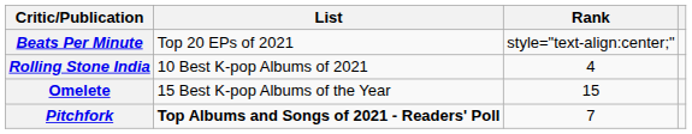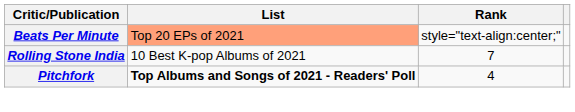 <table class="wikitable sortable plainrowheaders">
 <tr>
 <th>Critic/Publication</th>
 <th scope="col" class="unsortable">List</th>
 <th data-sort-type="number">Rank</th>
 <th scope="col" class="unsortable"></th>
 </tr>
 <tr>
 <th scope="row"><em><a href='#'>Beats Per Minute</a></em></th>
-<td>Top 20 EPs of 2021</td>
+<td style="background: lightsalmon;">Top 20 EPs of 2021</td>
 <td>style="text-align:center;" </td>
 <td style="text-align:center;"></td>
 </tr>
 <tr>
 <th scope="row"><em><a href='#'>Rolling Stone India</a></em></th>
 <td>10 Best K-pop Albums of 2021</td>
-<td style="text-align:center;">4</td>
-<td style="text-align:center;"></td>
-</tr>
-<tr>
-<th scope="row"><a href='#'>Omelete</a></th>
-<td>15 Best K-pop Albums of the Year</td>
-<td style="text-align:center;">15</td>
+<td style="text-align:center;">7</td>
 <td style="text-align:center;"></td>
 </tr>
 <tr>
 <th scope="row"><em><a href='#'>Pitchfork</a></em></th>
 <td><strong>Top Albums and Songs of 2021 - Readers' Poll</strong></td>
-<td style="text-align:center;">7</td>
+<td style="text-align:center;">4</td>
 <td style="text-align:center;"></td>
 </tr>
 </table>
